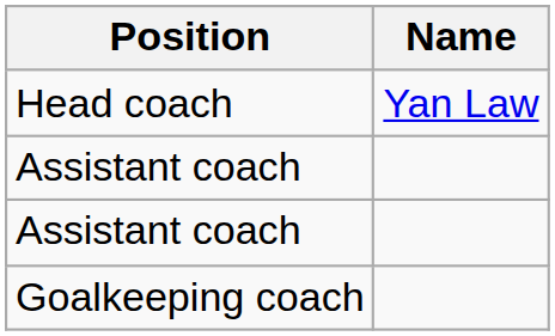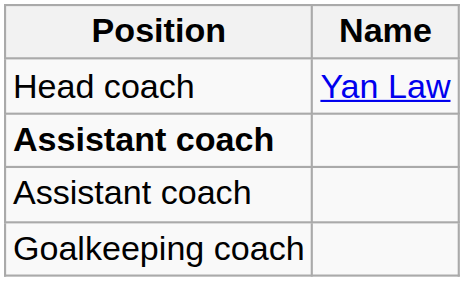 <table class="wikitable">
 <tr>
 <th>Position</th>
 <th>Name</th>
 </tr>
 <tr>
 <td>Head coach</td>
 <td> <a href='#'>Yan Law</a></td>
 </tr>
 <tr>
-<td>Assistant coach</td>
+<td><strong>Assistant coach</strong></td>
 <td></td>
 </tr>
 <tr>
 <td>Assistant coach</td>
 <td></td>
 </tr>
 <tr>
 <td>Goalkeeping coach</td>
 <td></td>
 </tr>
 </table>
